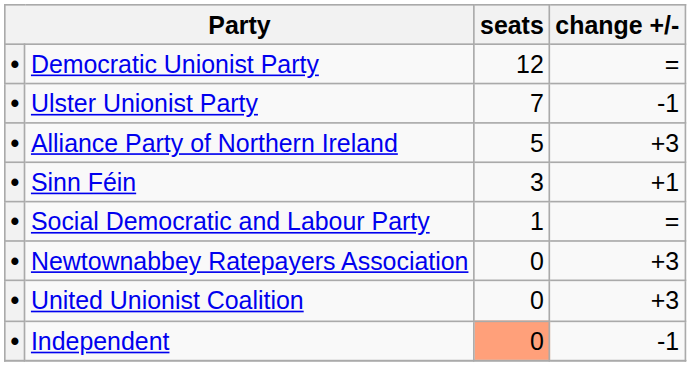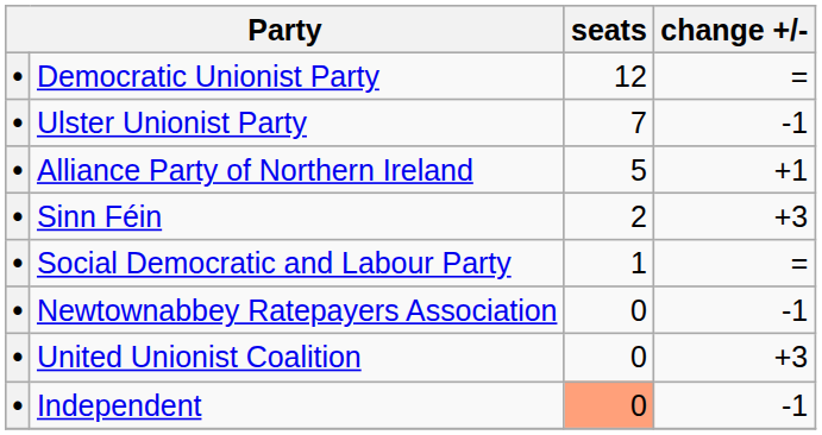 <table class="wikitable" style="font-size: 95%;">
 <tr>
 <th colspan=2>Party</th>
 <th>seats</th>
 <th>change +/-</th>
 </tr>
 <tr>
 <th style="background-color: "><span>•</span></th>
 <td><a href='#'>Democratic Unionist Party</a></td>
 <td align="right">12</td>
 <td align="right">=</td>
 </tr>
 <tr>
 <th style="background-color: "><span>•</span></th>
 <td><a href='#'>Ulster Unionist Party</a></td>
 <td align="right">7</td>
 <td align="right">-1</td>
 </tr>
 <tr>
 <th style="background-color: "><span>•</span></th>
 <td><a href='#'>Alliance Party of Northern Ireland</a></td>
 <td align="right">5</td>
-<td align="right">+3</td>
+<td align="right">+1</td>
 </tr>
 <tr>
 <th style="background-color: "><span>•</span></th>
 <td><a href='#'>Sinn Féin</a></td>
-<td align="right">3</td>
-<td align="right">+1</td>
+<td align="right">2</td>
+<td align="right">+3</td>
 </tr>
 <tr>
 <th style="background-color: "><span>•</span></th>
 <td><a href='#'>Social Democratic and Labour Party</a></td>
 <td align="right">1</td>
 <td align="right">=</td>
 </tr>
 <tr>
 <th><span>•</span></th>
 <td><a href='#'>Newtownabbey Ratepayers Association</a></td>
 <td align="right">0</td>
-<td align="right">+3</td>
+<td align="right">-1</td>
 </tr>
 <tr>
 <th style="background-color: "><span>•</span></th>
 <td><a href='#'>United Unionist Coalition</a></td>
 <td align="right">0</td>
 <td align="right">+3</td>
 </tr>
 <tr>
 <th style="background-color: "><span>•</span></th>
 <td><a href='#'>Independent</a></td>
 <td align="right" style="background: lightsalmon;">0</td>
 <td align="right">-1</td>
 </tr>
 <tr>
 </tr>
 </table>
